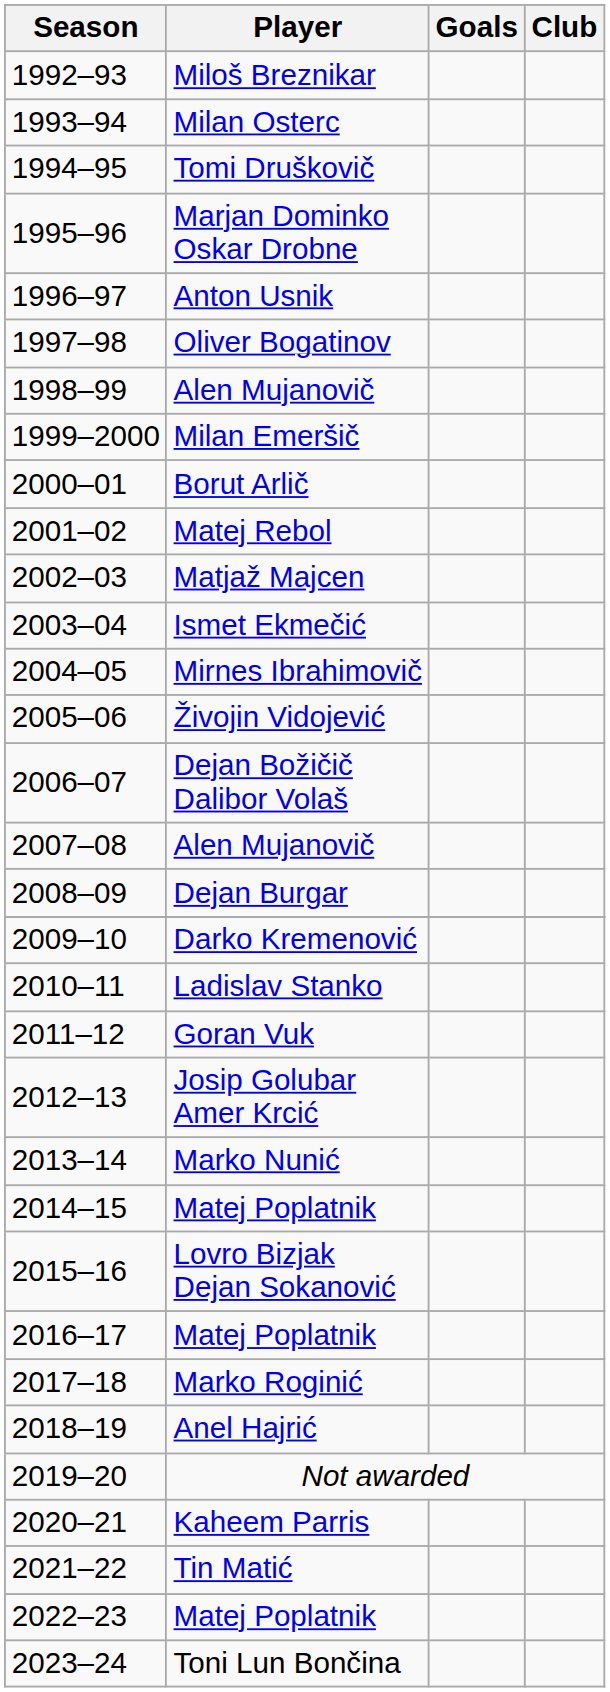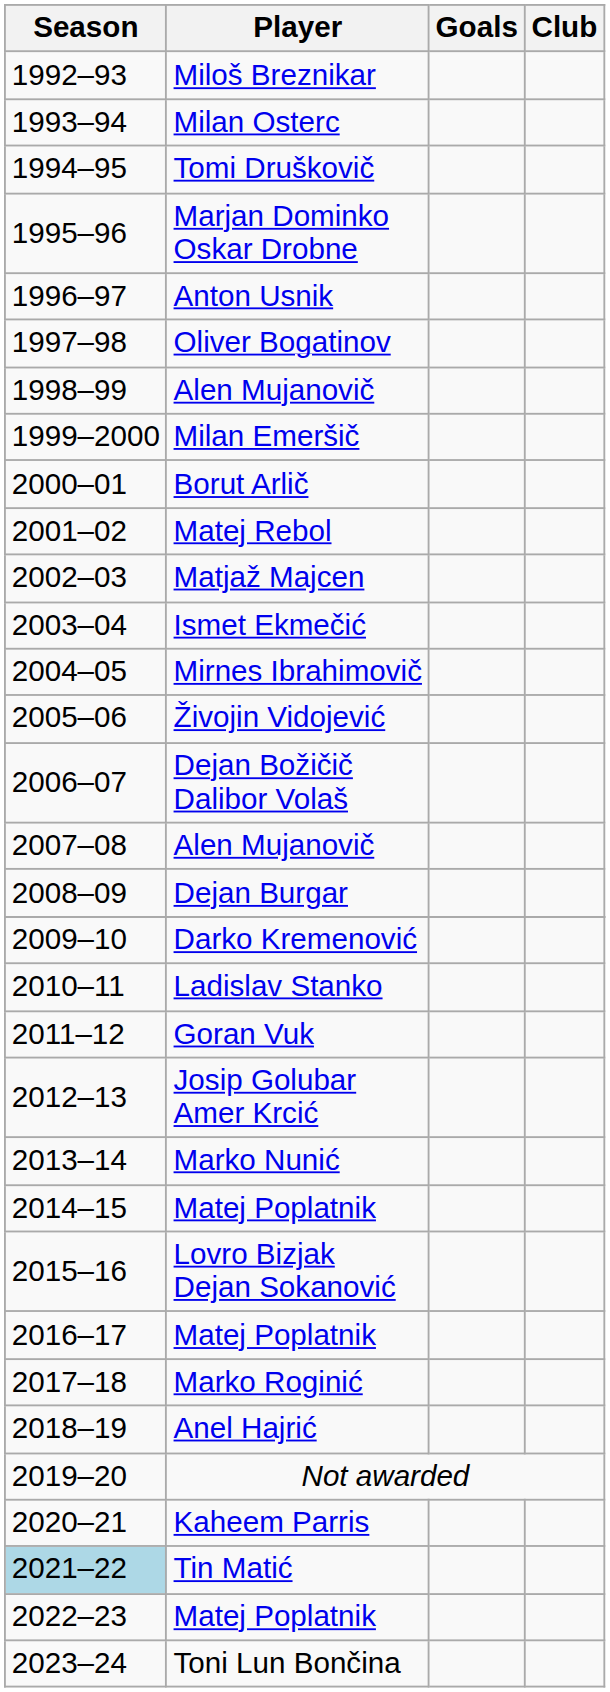 <table class="wikitable">
 <tr align="center">
 <th>Season</th>
 <th>Player</th>
 <th>Goals</th>
 <th>Club</th>
 </tr>
 <tr>
 <td>1992–93</td>
 <td> <a href='#'>Miloš Breznikar</a></td>
 <td></td>
 <td></td>
 </tr>
 <tr>
 <td>1993–94</td>
 <td> <a href='#'>Milan Osterc</a></td>
 <td></td>
 <td></td>
 </tr>
 <tr>
 <td>1994–95</td>
 <td> <a href='#'>Tomi Druškovič</a></td>
 <td></td>
 <td></td>
 </tr>
 <tr>
 <td>1995–96</td>
 <td> <a href='#'>Marjan Dominko</a><br> <a href='#'>Oskar Drobne</a></td>
 <td></td>
 <td></td>
 </tr>
 <tr>
 <td>1996–97</td>
 <td> <a href='#'>Anton Usnik</a></td>
 <td></td>
 <td></td>
 </tr>
 <tr>
 <td>1997–98</td>
 <td> <a href='#'>Oliver Bogatinov</a></td>
 <td></td>
 <td></td>
 </tr>
 <tr>
 <td>1998–99</td>
 <td> <a href='#'>Alen Mujanovič</a></td>
 <td></td>
 <td></td>
 </tr>
 <tr>
 <td>1999–2000</td>
 <td> <a href='#'>Milan Emeršič</a></td>
 <td></td>
 <td></td>
 </tr>
 <tr>
 <td>2000–01</td>
 <td> <a href='#'>Borut Arlič</a></td>
 <td></td>
 <td></td>
 </tr>
 <tr>
 <td>2001–02</td>
 <td> <a href='#'>Matej Rebol</a></td>
 <td></td>
 <td></td>
 </tr>
 <tr>
 <td>2002–03</td>
 <td> <a href='#'>Matjaž Majcen</a></td>
 <td></td>
 <td></td>
 </tr>
 <tr>
 <td>2003–04</td>
 <td> <a href='#'>Ismet Ekmečić</a></td>
 <td></td>
 <td></td>
 </tr>
 <tr>
 <td>2004–05</td>
 <td> <a href='#'>Mirnes Ibrahimovič</a></td>
 <td></td>
 <td></td>
 </tr>
 <tr>
 <td>2005–06</td>
 <td> <a href='#'>Živojin Vidojević</a></td>
 <td></td>
 <td></td>
 </tr>
 <tr>
 <td>2006–07</td>
 <td> <a href='#'>Dejan Božičič</a><br> <a href='#'>Dalibor Volaš</a></td>
 <td></td>
 <td></td>
 </tr>
 <tr>
 <td>2007–08</td>
 <td> <a href='#'>Alen Mujanovič</a></td>
 <td></td>
 <td></td>
 </tr>
 <tr>
 <td>2008–09</td>
 <td> <a href='#'>Dejan Burgar</a></td>
 <td></td>
 <td></td>
 </tr>
 <tr>
 </tr>
 <tr>
 <td>2009–10</td>
 <td> <a href='#'>Darko Kremenović</a></td>
 <td></td>
 <td></td>
 </tr>
 <tr>
 <td>2010–11</td>
 <td> <a href='#'>Ladislav Stanko</a></td>
 <td></td>
 <td></td>
 </tr>
 <tr>
 <td>2011–12</td>
 <td> <a href='#'>Goran Vuk</a></td>
 <td></td>
 <td></td>
 </tr>
 <tr>
 <td>2012–13</td>
 <td> <a href='#'>Josip Golubar</a><br> <a href='#'>Amer Krcić</a></td>
 <td></td>
 <td></td>
 </tr>
 <tr>
 <td>2013–14</td>
 <td> <a href='#'>Marko Nunić</a></td>
 <td></td>
 <td></td>
 </tr>
 <tr>
 <td>2014–15</td>
 <td> <a href='#'>Matej Poplatnik</a></td>
 <td></td>
 <td></td>
 </tr>
 <tr>
 <td>2015–16</td>
 <td> <a href='#'>Lovro Bizjak</a><br> <a href='#'>Dejan Sokanović</a></td>
 <td></td>
 <td></td>
 </tr>
 <tr>
 <td>2016–17</td>
 <td> <a href='#'>Matej Poplatnik</a></td>
 <td></td>
 <td></td>
 </tr>
 <tr>
 <td>2017–18</td>
 <td> <a href='#'>Marko Roginić</a></td>
 <td></td>
 <td></td>
 </tr>
 <tr>
 <td>2018–19</td>
 <td> <a href='#'>Anel Hajrić</a></td>
 <td></td>
 <td></td>
 </tr>
 <tr>
 <td>2019–20</td>
 <td colspan="3" align="center"><em>Not awarded</em></td>
 </tr>
 <tr>
 <td>2020–21</td>
 <td> <a href='#'>Kaheem Parris</a></td>
 <td></td>
 <td></td>
 </tr>
 <tr>
-<td>2021–22</td>
+<td style="background: lightblue;">2021–22</td>
 <td> <a href='#'>Tin Matić</a></td>
 <td></td>
 <td></td>
 </tr>
 <tr>
 <td>2022–23</td>
 <td> <a href='#'>Matej Poplatnik</a></td>
 <td></td>
 <td></td>
 </tr>
 <tr>
 <td>2023–24</td>
 <td> Toni Lun Bončina</td>
 <td></td>
 <td></td>
 </tr>
 </table>
